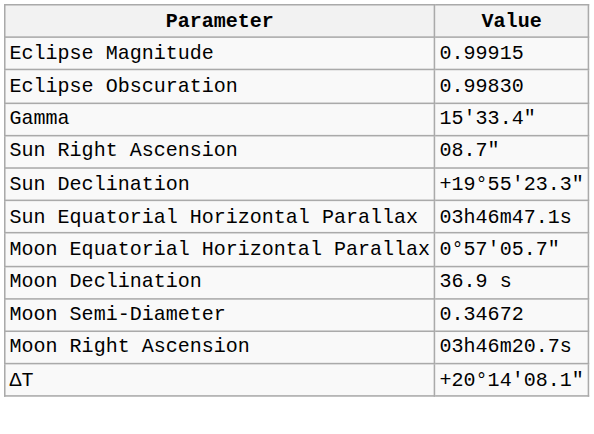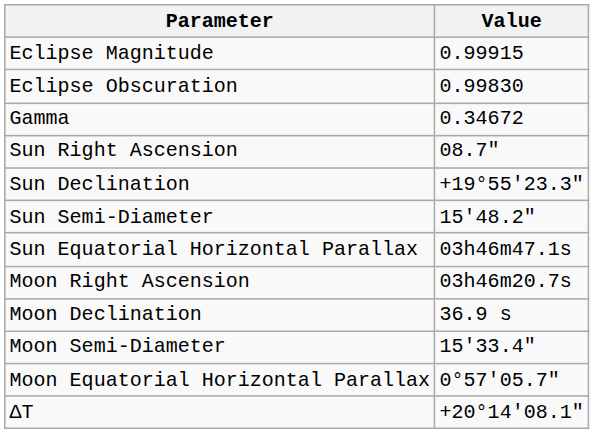 <table class="wikitable">
 <tr>
 <th>Parameter</th>
 <th>Value</th>
 </tr>
 <tr>
 <td>Eclipse Magnitude</td>
 <td>0.99915</td>
 </tr>
 <tr>
 <td>Eclipse Obscuration</td>
 <td>0.99830</td>
 </tr>
 <tr>
 <td>Gamma</td>
-<td>15'33.4"</td>
+<td>0.34672</td>
 </tr>
 <tr>
 <td>Sun Right Ascension</td>
 <td>08.7"</td>
 </tr>
 <tr>
 <td>Sun Declination</td>
 <td>+19°55'23.3"</td>
 </tr>
 <tr>
+<td>Sun Semi-Diameter</td>
+<td>15'48.2"</td>
+</tr>
+<tr>
 <td>Sun Equatorial Horizontal Parallax</td>
 <td>03h46m47.1s</td>
 </tr>
 <tr>
-<td>Moon Equatorial Horizontal Parallax</td>
-<td>0°57'05.7"</td>
+<td>Moon Right Ascension</td>
+<td>03h46m20.7s</td>
 </tr>
 <tr>
 <td>Moon Declination</td>
 <td>36.9 s</td>
 </tr>
 <tr>
 <td>Moon Semi-Diameter</td>
-<td>0.34672</td>
+<td>15'33.4"</td>
 </tr>
 <tr>
-<td>Moon Right Ascension</td>
-<td>03h46m20.7s</td>
+<td>Moon Equatorial Horizontal Parallax</td>
+<td>0°57'05.7"</td>
 </tr>
 <tr>
 <td>ΔT</td>
 <td>+20°14'08.1"</td>
 </tr>
 </table>
